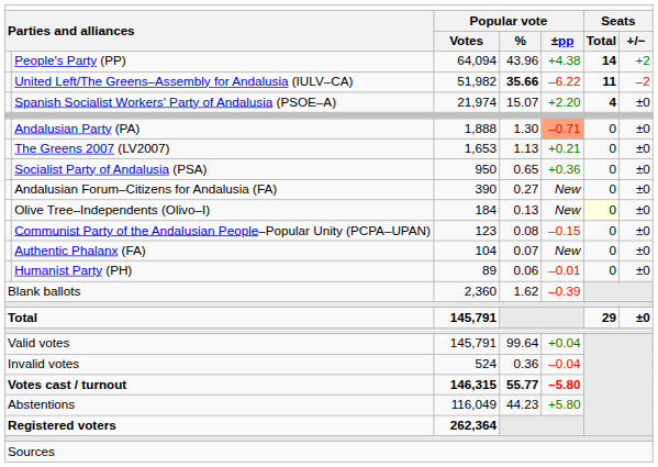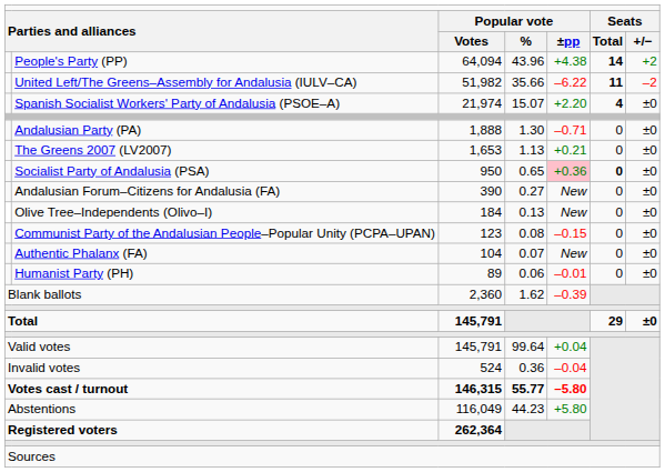 <table class="wikitable" style="text-align:right;">
 <tr>
 <td colspan="7"></td>
 </tr>
 <tr>
 <th style="text-align:left;" rowspan="2" colspan="2" width="525">Parties and alliances</th>
 <th colspan="3">Popular vote</th>
 <th colspan="2">Seats</th>
 </tr>
 <tr>
 <th width="75">Votes</th>
 <th width="45">%</th>
 <th width="45">±<a href='#'>pp</a></th>
 <th width="35">Total</th>
 <th width="35">+/−</th>
 </tr>
 <tr>
 <td width="1" style="color:inherit;background:"></td>
 <td align="left"><a href='#'>People's Party</a> (PP)</td>
 <td>64,094</td>
 <td>43.96</td>
 <td style="color:green;">+4.38</td>
 <td><strong>14</strong></td>
 <td style="color:green;">+2</td>
 </tr>
 <tr>
 <td style="color:inherit;background:"></td>
 <td align="left"><a href='#'>United Left/The Greens–Assembly for Andalusia</a> (IULV–CA)</td>
 <td>51,982</td>
-<td><strong>35.66</strong></td>
+<td>35.66</td>
 <td style="color:red;">–6.22</td>
 <td><strong>11</strong></td>
 <td style="color:red;">–2</td>
 </tr>
 <tr>
 <td style="color:inherit;background:"></td>
 <td align="left"><a href='#'>Spanish Socialist Workers' Party of Andalusia</a> (PSOE–A)</td>
 <td>21,974</td>
 <td>15.07</td>
 <td style="color:green;">+2.20</td>
 <td><strong>4</strong></td>
 <td>±0</td>
 </tr>
 <tr>
 <td colspan="7" bgcolor="#C0C0C0"></td>
 </tr>
 <tr>
 <td style="color:inherit;background:"></td>
 <td align="left"><a href='#'>Andalusian Party</a> (PA)</td>
 <td>1,888</td>
 <td>1.30</td>
-<td style="background: lightsalmon; color:red;">–0.71</td>
+<td style="color:red;">–0.71</td>
 <td>0</td>
 <td>±0</td>
 </tr>
 <tr>
 <td style="color:inherit;background:"></td>
 <td align="left"><a href='#'>The Greens 2007</a> (LV2007)</td>
 <td>1,653</td>
 <td>1.13</td>
 <td style="color:green;">+0.21</td>
 <td>0</td>
 <td>±0</td>
 </tr>
 <tr>
 <td style="color:inherit;background:"></td>
 <td align="left"><a href='#'>Socialist Party of Andalusia</a> (PSA)</td>
 <td>950</td>
 <td>0.65</td>
-<td style="color:green;">+0.36</td>
-<td>0</td>
+<td style="background: pink; color:green;">+0.36</td>
+<td><strong>0</strong></td>
 <td>±0</td>
 </tr>
 <tr>
 <td style="color:inherit;background:"></td>
 <td align="left">Andalusian Forum–Citizens for Andalusia (FA)</td>
 <td>390</td>
 <td>0.27</td>
 <td><em>New</em></td>
 <td>0</td>
 <td>±0</td>
 </tr>
 <tr>
 <td bgcolor="white"></td>
 <td align="left">Olive Tree–Independents (Olivo–I)</td>
 <td>184</td>
 <td>0.13</td>
 <td><em>New</em></td>
-<td style="background: lightyellow;">0</td>
+<td>0</td>
 <td>±0</td>
 </tr>
 <tr>
 <td style="color:inherit;background:"></td>
 <td align="left"><a href='#'>Communist Party of the Andalusian People</a>–Popular Unity (PCPA–UPAN)</td>
 <td>123</td>
 <td>0.08</td>
 <td style="color:red;">–0.15</td>
 <td>0</td>
 <td>±0</td>
 </tr>
 <tr>
 <td style="color:inherit;background:"></td>
 <td align="left"><a href='#'>Authentic Phalanx</a> (FA)</td>
 <td>104</td>
 <td>0.07</td>
 <td><em>New</em></td>
 <td>0</td>
 <td>±0</td>
 </tr>
 <tr>
 <td style="color:inherit;background:"></td>
 <td align="left"><a href='#'>Humanist Party</a> (PH)</td>
 <td>89</td>
 <td>0.06</td>
 <td style="color:red;">–0.01</td>
 <td>0</td>
 <td>±0</td>
 </tr>
 <tr>
 <td align="left" colspan="2">Blank ballots</td>
 <td>2,360</td>
 <td>1.62</td>
 <td style="color:red;">–0.39</td>
 <td bgcolor="#E9E9E9" colspan="2"></td>
 </tr>
 <tr>
 <td colspan="7" bgcolor="#E9E9E9"></td>
 </tr>
 <tr style="font-weight:bold;">
 <td align="left" colspan="2">Total</td>
 <td>145,791</td>
 <td bgcolor="#E9E9E9" colspan="2"></td>
 <td>29</td>
 <td>±0</td>
 </tr>
 <tr>
 <td colspan="7" bgcolor="#E9E9E9"></td>
 </tr>
 <tr>
 <td align="left" colspan="2">Valid votes</td>
 <td>145,791</td>
 <td>99.64</td>
 <td style="color:green;">+0.04</td>
 <td bgcolor="#E9E9E9" colspan="2" rowspan="5"></td>
 </tr>
 <tr>
 <td align="left" colspan="2">Invalid votes</td>
 <td>524</td>
 <td>0.36</td>
 <td style="color:red;">–0.04</td>
 </tr>
 <tr style="font-weight:bold;">
 <td align="left" colspan="2">Votes cast / turnout</td>
 <td>146,315</td>
 <td>55.77</td>
 <td style="color:red;">–5.80</td>
 </tr>
 <tr>
 <td align="left" colspan="2">Abstentions</td>
 <td>116,049</td>
 <td>44.23</td>
 <td style="color:green;">+5.80</td>
 </tr>
 <tr style="font-weight:bold;">
 <td align="left" colspan="2">Registered voters</td>
 <td>262,364</td>
 <td bgcolor="#E9E9E9" colspan="2"></td>
 </tr>
 <tr>
 <td colspan="7" bgcolor="#E9E9E9"></td>
 </tr>
 <tr>
 <td align="left" colspan="7">Sources</td>
 </tr>
 </table>
